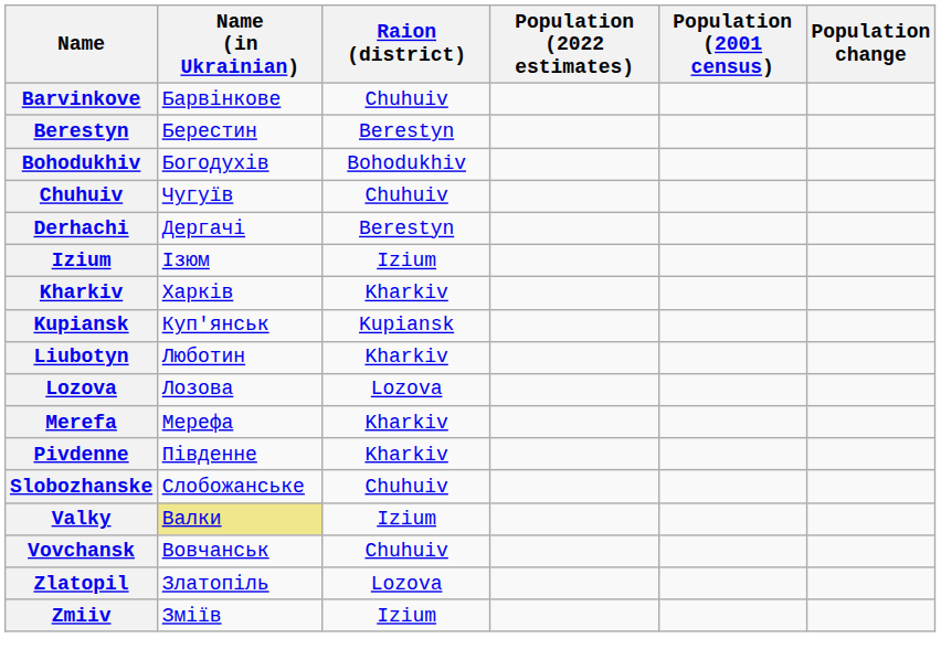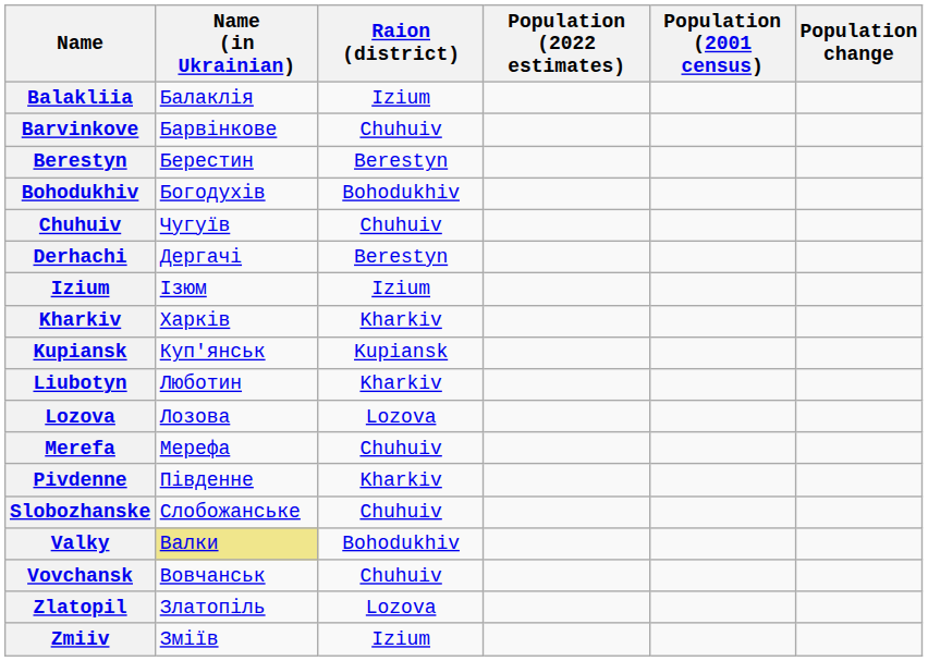 <table class="wikitable sortable" id="Table of cities" caption="Tabulated list of cities in ">
 <tr>
 <th scope="col">Name</th>
 <th scope="col">Name<br>(in <a href='#'>Ukrainian</a>)</th>
 <th scope="col"><a href='#'>Raion</a> (district)</th>
 <th scope="col">Population<br>(2022 estimates)</th>
 <th scope="col">Population<br>(<a href='#'>2001 census</a>)</th>
 <th scope="col">Population<br>change</th>
+</tr>
+<tr>
+<th scope="row" align="left"><a href='#'>Balakliia</a></th>
+<td><a href='#'>Балаклія</a></td>
+<td align=center><a href='#'>Izium</a></td>
+<td align=right></td>
+<td align=right></td>
+<td align=right></td>
 </tr>
 <tr>
 <th scope="row" align="left"><a href='#'>Barvinkove</a></th>
 <td><a href='#'>Барвінкове</a></td>
 <td align=center><a href='#'>Chuhuiv</a></td>
 <td align=right></td>
 <td align=right></td>
 <td align=right></td>
 </tr>
 <tr>
 <th scope="row" align="left"><a href='#'>Berestyn</a></th>
 <td><a href='#'>Берестин</a></td>
 <td align=center><a href='#'>Berestyn</a></td>
 <td align=right></td>
 <td align=right></td>
 <td align=right></td>
 </tr>
 <tr>
 <th scope="row" align="left"><a href='#'>Bohodukhiv</a></th>
 <td><a href='#'>Богодухів</a></td>
 <td align=center><a href='#'>Bohodukhiv</a></td>
 <td align=right></td>
 <td align=right></td>
 <td align=right></td>
 </tr>
 <tr>
 <th scope="row" align="left"><a href='#'>Chuhuiv</a></th>
 <td><a href='#'>Чугуїв</a></td>
 <td align=center><a href='#'>Chuhuiv</a></td>
 <td align=right></td>
 <td align=right></td>
 <td align=right></td>
 </tr>
 <tr>
 <th scope="row" align="left"><a href='#'>Derhachi</a></th>
 <td><a href='#'>Дергачі</a></td>
 <td align=center><a href='#'>Berestyn</a></td>
 <td align=right></td>
 <td align=right></td>
 <td align=right></td>
 </tr>
 <tr>
 <th scope="row" align="left"><a href='#'>Izium</a></th>
 <td><a href='#'>Ізюм</a></td>
 <td align=center><a href='#'>Izium</a></td>
 <td align=right></td>
 <td align=right></td>
 <td align=right></td>
 </tr>
 <tr>
 <th scope="row" align="left"><a href='#'>Kharkiv</a></th>
 <td><a href='#'>Харків</a></td>
 <td align=center><a href='#'>Kharkiv</a></td>
 <td align=right></td>
 <td align=right></td>
 <td align=right></td>
 </tr>
 <tr>
 <th scope="row" align="left"><a href='#'>Kupiansk</a></th>
 <td><a href='#'>Куп'янськ</a></td>
 <td align=center><a href='#'>Kupiansk</a></td>
 <td align=right></td>
 <td align=right></td>
 <td align=right></td>
 </tr>
 <tr>
 <th scope="row" align="left"><a href='#'>Liubotyn</a></th>
 <td><a href='#'>Люботин</a></td>
 <td align=center><a href='#'>Kharkiv</a></td>
 <td align=right></td>
 <td align=right></td>
 <td align=right></td>
 </tr>
 <tr>
 <th scope="row" align="left"><a href='#'>Lozova</a></th>
 <td><a href='#'>Лозова</a></td>
 <td align=center><a href='#'>Lozova</a></td>
 <td align=right></td>
 <td align=right></td>
 <td align=right></td>
 </tr>
 <tr>
 <th scope="row" align="left"><a href='#'>Merefa</a></th>
 <td><a href='#'>Мерефа</a></td>
-<td align=center><a href='#'>Kharkiv</a></td>
+<td align=center><a href='#'>Chuhuiv</a></td>
 <td align=right></td>
 <td align=right></td>
 <td align=right></td>
 </tr>
 <tr>
 <th scope="row" align="left"><a href='#'>Pivdenne</a></th>
 <td><a href='#'>Південне</a></td>
 <td align=center><a href='#'>Kharkiv</a></td>
 <td align=right></td>
 <td align=right></td>
 <td align=right></td>
 </tr>
 <tr>
 <th scope="row" align="left"><a href='#'>Slobozhanske</a></th>
 <td><a href='#'>Слобожанське</a></td>
 <td align=center><a href='#'>Chuhuiv</a></td>
 <td align=right></td>
 <td align=right></td>
 <td align=right></td>
 </tr>
 <tr>
 <th scope="row" align="left"><a href='#'>Valky</a></th>
 <td style="background: khaki;"><a href='#'>Валки</a></td>
-<td align=center><a href='#'>Izium</a></td>
+<td align=center><a href='#'>Bohodukhiv</a></td>
 <td align=right></td>
 <td align=right></td>
 <td align=right></td>
 </tr>
 <tr>
 <th scope="row" align="left"><a href='#'>Vovchansk</a></th>
 <td><a href='#'>Вовчанськ</a></td>
 <td align=center><a href='#'>Chuhuiv</a></td>
 <td align=right></td>
 <td align=right></td>
 <td align=right></td>
 </tr>
 <tr>
 <th scope="row" align="left"><a href='#'>Zlatopil</a></th>
 <td><a href='#'>Златопіль</a></td>
 <td align=center><a href='#'>Lozova</a></td>
 <td align=right></td>
 <td align=right></td>
 <td align=right></td>
 </tr>
 <tr>
 <th scope="row" align="left"><a href='#'>Zmiiv</a></th>
 <td><a href='#'>Зміїв</a></td>
 <td align=center><a href='#'>Izium</a></td>
 <td align=right></td>
 <td align=right></td>
 <td align=right></td>
 </tr>
 </table>
